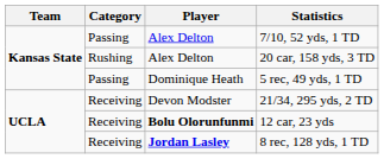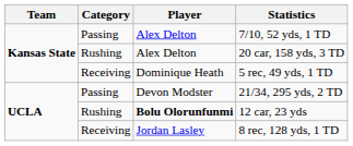 <table class="wikitable">
 <tr>
 <th>Team</th>
 <th>Category</th>
 <th>Player</th>
 <th>Statistics</th>
 </tr>
 <tr>
 <td rowspan=3><strong>Kansas State</strong></td>
 <td>Passing</td>
 <td><a href='#'>Alex Delton</a></td>
 <td>7/10, 52 yds, 1 TD</td>
 </tr>
 <tr>
 <td>Rushing</td>
 <td>Alex Delton</td>
 <td>20 car, 158 yds, 3 TD</td>
 </tr>
 <tr>
-<td>Passing</td>
+<td>Receiving</td>
 <td>Dominique Heath</td>
 <td>5 rec, 49 yds, 1 TD</td>
 </tr>
 <tr>
 <td rowspan=3><strong>UCLA</strong></td>
-<td>Receiving</td>
+<td>Passing</td>
 <td>Devon Modster</td>
 <td>21/34, 295 yds, 2 TD</td>
 </tr>
 <tr>
-<td>Receiving</td>
+<td>Rushing</td>
 <td><strong>Bolu Olorunfunmi</strong></td>
 <td>12 car, 23 yds</td>
 </tr>
 <tr>
 <td>Receiving</td>
-<td><strong><a href='#'>Jordan Lasley</a></strong></td>
+<td><a href='#'>Jordan Lasley</a></td>
 <td>8 rec, 128 yds, 1 TD</td>
 </tr>
 </table>
